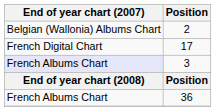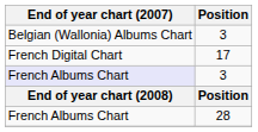 <table class="wikitable sortable">
 <tr>
 <th>End of year chart (2007)</th>
 <th>Position</th>
 </tr>
 <tr>
 <td>Belgian (Wallonia) Albums Chart</td>
-<td align="center">2</td>
+<td align="center">3</td>
 </tr>
 <tr>
 <td>French Digital Chart</td>
 <td align="center">17</td>
 </tr>
 <tr>
 <td style="background: lavender;">French Albums Chart</td>
 <td align="center">3</td>
 </tr>
 <tr>
 <th>End of year chart (2008)</th>
 <th>Position</th>
 </tr>
 <tr>
 <td>French Albums Chart</td>
-<td align="center">36</td>
+<td align="center">28</td>
 </tr>
 <tr>
 </tr>
 </table>
